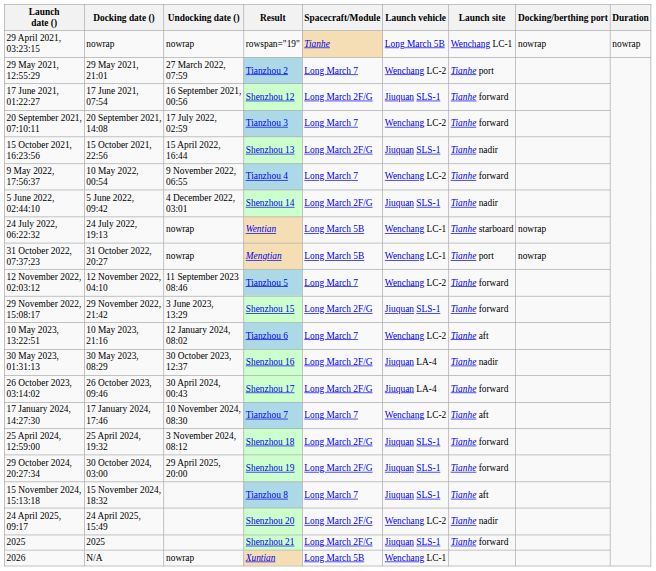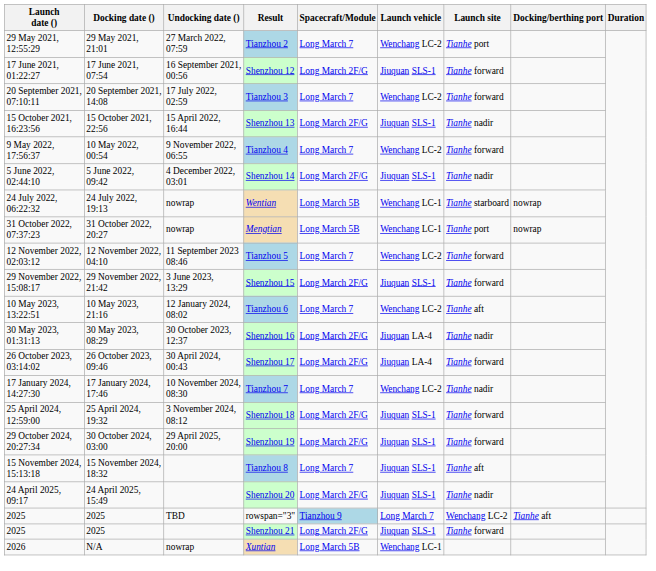 <table class="wikitable" style="margin-bottom:0; text-align:left; font-size:85%;">
 <tr>
 <th>Launch<br>date ()</th>
 <th>Docking date ()</th>
 <th>Undocking date ()</th>
 <th>Result</th>
 <th>Spacecraft/Module</th>
 <th>Launch vehicle</th>
 <th>Launch site</th>
 <th>Docking/berthing port</th>
 <th>Duration</th>
-</tr>
-<tr>
-<td nowrap>29 April 2021,<br>03:23:15</td>
-<td>nowrap  </td>
-<td>nowrap  </td>
-<td>rowspan="19" </td>
-<td style="white-space:nowrap; background:wheat;"><a href='#'><em>Tianhe</em></a></td>
-<td><a href='#'>Long March 5B</a></td>
-<td nowrap> <a href='#'>Wenchang</a> LC-1</td>
-<td>nowrap  </td>
-<td>nowrap  </td>
 </tr>
 <tr>
 <td nowrap>29 May 2021,<br>12:55:29</td>
 <td nowrap>29 May 2021,<br>21:01</td>
 <td nowrap>27 March 2022,<br>07:59</td>
 <td style="white-space:nowrap; background:lightblue;"><a href='#'>Tianzhou 2</a></td>
 <td nowrap><a href='#'>Long March 7</a></td>
 <td nowrap> <a href='#'>Wenchang</a> LC-2</td>
 <td nowrap><a href='#'><em>Tianhe</em></a> port</td>
 <td nowrap></td>
 </tr>
 <tr>
 <td nowrap>17 June 2021,<br>01:22:27</td>
 <td nowrap>17 June 2021,<br>07:54</td>
 <td nowrap>16 September 2021,<br>00:56 </td>
 <td style="white-space:nowrap; background:#cfc;"><a href='#'>Shenzhou 12</a></td>
 <td nowrap><a href='#'>Long March 2F/G</a></td>
 <td nowrap> <a href='#'>Jiuquan</a> <a href='#'>SLS-1</a></td>
 <td nowrap><a href='#'><em>Tianhe</em></a> forward</td>
 <td nowrap></td>
 </tr>
 <tr>
 <td nowrap>20 September 2021,<br>07:10:11</td>
 <td nowrap>20 September 2021,<br>14:08</td>
 <td nowrap>17 July 2022,<br>02:59</td>
 <td style="white-space:nowrap; background:lightblue;"><a href='#'>Tianzhou 3</a></td>
 <td nowrap><a href='#'>Long March 7</a></td>
 <td nowrap> <a href='#'>Wenchang</a> LC-2</td>
 <td nowrap><a href='#'><em>Tianhe</em></a> forward</td>
 <td nowrap></td>
 </tr>
 <tr>
 <td nowrap>15 October 2021,<br>16:23:56</td>
 <td nowrap>15 October 2021,<br>22:56</td>
 <td nowrap>15 April 2022,<br>16:44</td>
 <td style="white-space:nowrap; background:#cfc;"><a href='#'>Shenzhou 13</a></td>
 <td nowrap><a href='#'>Long March 2F/G</a></td>
 <td nowrap> <a href='#'>Jiuquan</a> <a href='#'>SLS-1</a></td>
 <td nowrap><a href='#'><em>Tianhe</em></a> nadir</td>
 <td nowrap></td>
 </tr>
 <tr>
 <td nowrap>9 May 2022,<br>17:56:37</td>
 <td nowrap>10 May 2022,<br>00:54</td>
 <td nowrap>9 November 2022,<br>06:55</td>
 <td style="white-space:nowrap; background:lightblue;"><a href='#'>Tianzhou 4</a></td>
 <td nowrap><a href='#'>Long March 7</a></td>
 <td nowrap> <a href='#'>Wenchang</a> LC-2</td>
 <td nowrap><a href='#'><em>Tianhe</em></a> forward</td>
 <td nowrap></td>
 </tr>
 <tr>
 <td nowrap>5 June 2022,<br>02:44:10</td>
 <td nowrap>5 June 2022,<br>09:42</td>
 <td nowrap>4 December 2022,<br>03:01</td>
 <td style="white-space:nowrap; background:#cfc;"><a href='#'>Shenzhou 14</a></td>
 <td nowrap><a href='#'>Long March 2F/G</a></td>
 <td nowrap> <a href='#'>Jiuquan</a> <a href='#'>SLS-1</a></td>
 <td nowrap><a href='#'><em>Tianhe</em></a> nadir</td>
 <td nowrap></td>
 </tr>
 <tr>
 <td nowrap>24 July 2022,<br>06:22:32</td>
 <td nowrap>24 July 2022,<br>19:13</td>
 <td>nowrap  </td>
 <td style="white-space:nowrap; background:wheat;"><a href='#'><em>Wentian</em></a></td>
 <td><a href='#'>Long March 5B</a></td>
 <td nowrap> <a href='#'>Wenchang</a> LC-1</td>
 <td nowrap><a href='#'><em>Tianhe</em></a> starboard</td>
 <td>nowrap </td>
 </tr>
 <tr>
 <td nowrap>31 October 2022,<br>07:37:23</td>
 <td nowrap>31 October 2022,<br>20:27</td>
 <td>nowrap  </td>
 <td style="white-space:nowrap; background:wheat;"><a href='#'><em>Mengtian</em></a></td>
 <td><a href='#'>Long March 5B</a></td>
 <td nowrap> <a href='#'>Wenchang</a> LC-1</td>
 <td nowrap><a href='#'><em>Tianhe</em></a> port</td>
 <td>nowrap </td>
 </tr>
 <tr>
 <td nowrap>12 November 2022,<br>02:03:12</td>
 <td nowrap>12 November 2022,<br>04:10</td>
 <td nowrap>11 September 2023<br>08:46</td>
 <td style="white-space:nowrap; background:lightblue;"><a href='#'>Tianzhou 5</a></td>
 <td nowrap><a href='#'>Long March 7</a></td>
 <td nowrap> <a href='#'>Wenchang</a> LC-2</td>
 <td nowrap><a href='#'><em>Tianhe</em></a> forward</td>
 <td nowrap></td>
 </tr>
 <tr>
 <td nowrap>29 November 2022,<br>15:08:17</td>
 <td nowrap>29 November 2022,<br>21:42</td>
 <td nowrap>3 June 2023,<br>13:29</td>
 <td style="white-space:nowrap; background:#cfc;"><a href='#'>Shenzhou 15</a></td>
 <td nowrap><a href='#'>Long March 2F/G</a></td>
 <td nowrap> <a href='#'>Jiuquan</a> <a href='#'>SLS-1</a></td>
 <td nowrap><a href='#'><em>Tianhe</em></a> forward</td>
 <td nowrap></td>
 </tr>
 <tr>
 <td nowrap>10 May 2023,<br>13:22:51</td>
 <td nowrap>10 May 2023,<br>21:16</td>
 <td nowrap>12 January 2024,<br>08:02</td>
 <td style="white-space:nowrap; background:lightblue;"><a href='#'>Tianzhou 6</a></td>
 <td><a href='#'>Long March 7</a></td>
 <td nowrap> <a href='#'>Wenchang</a> LC-2</td>
 <td nowrap><a href='#'><em>Tianhe</em></a> aft</td>
 <td nowrap></td>
 </tr>
 <tr>
 <td nowrap>30 May 2023,<br>01:31:13</td>
 <td nowrap>30 May 2023,<br>08:29</td>
 <td nowrap>30 October 2023,<br>12:37</td>
 <td style="white-space:nowrap; background:#cfc;"><a href='#'>Shenzhou 16</a></td>
 <td><a href='#'>Long March 2F/G</a></td>
 <td nowrap> <a href='#'>Jiuquan</a> LA-4</td>
 <td nowrap><a href='#'><em>Tianhe</em></a> nadir</td>
 <td nowrap></td>
 </tr>
 <tr>
 <td nowrap>26 October 2023,<br>03:14:02</td>
 <td nowrap>26 October 2023,<br>09:46</td>
 <td nowrap>30 April 2024,<br>00:43</td>
 <td style="white-space:nowrap; background:#cfc;"><a href='#'>Shenzhou 17</a></td>
 <td><a href='#'>Long March 2F/G</a></td>
 <td nowrap> <a href='#'>Jiuquan</a> LA-4</td>
 <td nowrap><a href='#'><em>Tianhe</em></a> forward</td>
 <td nowrap></td>
 </tr>
 <tr>
 <td nowrap>17 January 2024,<br>14:27:30</td>
 <td nowrap>17 January 2024,<br>17:46</td>
 <td nowrap>10 November 2024,<br>08:30</td>
 <td style="white-space:nowrap; background:lightblue;"><a href='#'>Tianzhou 7</a></td>
 <td><a href='#'>Long March 7</a></td>
 <td nowrap> <a href='#'>Wenchang</a> LC-2</td>
-<td nowrap><a href='#'><em>Tianhe</em></a> aft</td>
+<td nowrap><a href='#'><em>Tianhe</em></a> nadir</td>
 <td nowrap></td>
 </tr>
 <tr>
 <td nowrap>25 April 2024,<br>12:59:00</td>
 <td nowrap>25 April 2024,<br>19:32</td>
 <td nowrap>3 November 2024,<br>08:12</td>
 <td style="white-space:nowrap; background:#cfc;"><a href='#'>Shenzhou 18</a></td>
 <td nowrap><a href='#'>Long March 2F/G</a></td>
 <td nowrap> <a href='#'>Jiuquan</a> <a href='#'>SLS-1</a></td>
 <td nowrap><a href='#'><em>Tianhe</em></a> forward</td>
 <td nowrap></td>
 </tr>
 <tr>
 <td nowrap>29 October 2024, <br>20:27:34</td>
 <td nowrap>30 October 2024,<br>03:00</td>
 <td nowrap>29 April 2025, <br>20:00</td>
 <td style="white-space:nowrap; background:#cfc;"><a href='#'>Shenzhou 19</a></td>
 <td nowrap><a href='#'>Long March 2F/G</a></td>
 <td nowrap> <a href='#'>Jiuquan</a> <a href='#'>SLS-1</a></td>
 <td nowrap><a href='#'><em>Tianhe</em></a> forward</td>
 <td nowrap></td>
 </tr>
 <tr>
 <td nowrap>15 November 2024, <br>15:13:18</td>
 <td nowrap>15 November 2024,<br>18:32</td>
 <td nowrap></td>
 <td style="white-space:nowrap; background:lightblue;"><a href='#'>Tianzhou 8</a></td>
 <td><a href='#'>Long March 7</a></td>
 <td nowrap> <a href='#'>Jiuquan</a> <a href='#'>SLS-1</a></td>
 <td nowrap><a href='#'><em>Tianhe</em></a> aft</td>
 <td nowrap></td>
 </tr>
 <tr>
 <td nowrap>24 April 2025, <br>09:17</td>
 <td nowrap>24 April 2025, <br>15:49</td>
 <td nowrap></td>
 <td style="white-space:nowrap; background:#cfc;"><a href='#'>Shenzhou 20</a></td>
 <td nowrap><a href='#'>Long March 2F/G</a></td>
+<td nowrap> <a href='#'>Jiuquan</a> <a href='#'>SLS-1</a></td>
+<td nowrap><a href='#'><em>Tianhe</em></a> nadir</td>
+<td nowrap></td>
+</tr>
+<tr>
+<td nowrap>2025</td>
+<td nowrap>2025</td>
+<td nowrap>TBD</td>
+<td>rowspan="3" </td>
+<td style="white-space:nowrap; background:lightblue;"><a href='#'>Tianzhou 9</a></td>
+<td><a href='#'>Long March 7</a></td>
 <td nowrap> <a href='#'>Wenchang</a> LC-2</td>
-<td nowrap><a href='#'><em>Tianhe</em></a> nadir</td>
+<td nowrap><a href='#'><em>Tianhe</em></a> aft</td>
 <td nowrap></td>
 </tr>
 <tr>
 <td nowrap>2025</td>
 <td nowrap>2025</td>
 <td nowrap></td>
 <td style="white-space:nowrap; background:#cfc;"><a href='#'>Shenzhou 21</a></td>
 <td nowrap><a href='#'>Long March 2F/G</a></td>
 <td nowrap> <a href='#'>Jiuquan</a> <a href='#'>SLS-1</a></td>
 <td nowrap><a href='#'><em>Tianhe</em></a> forward</td>
 <td nowrap></td>
 </tr>
 <tr>
 <td nowrap>2026</td>
 <td nowrap>N/A</td>
 <td>nowrap  </td>
 <td style="white-space:nowrap; background:wheat;"><em><a href='#'>Xuntian</a></em></td>
 <td><a href='#'>Long March 5B</a></td>
 <td nowrap> <a href='#'>Wenchang</a> LC-1</td>
 <td nowrap></td>
 <td nowrap></td>
 </tr>
 </table>
